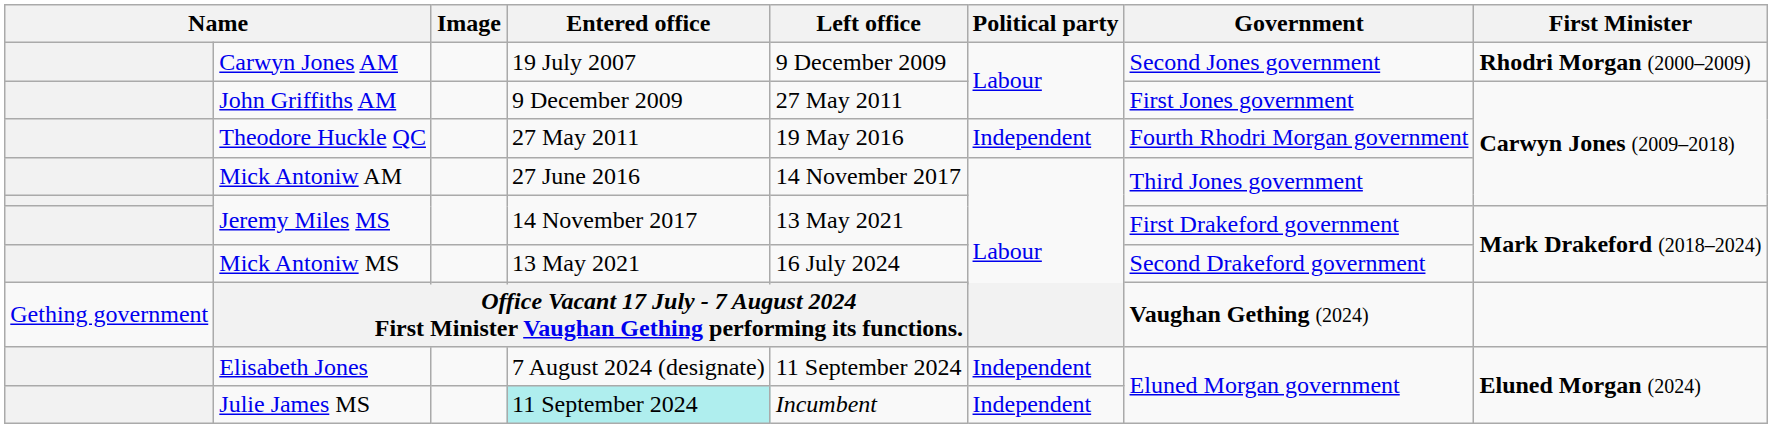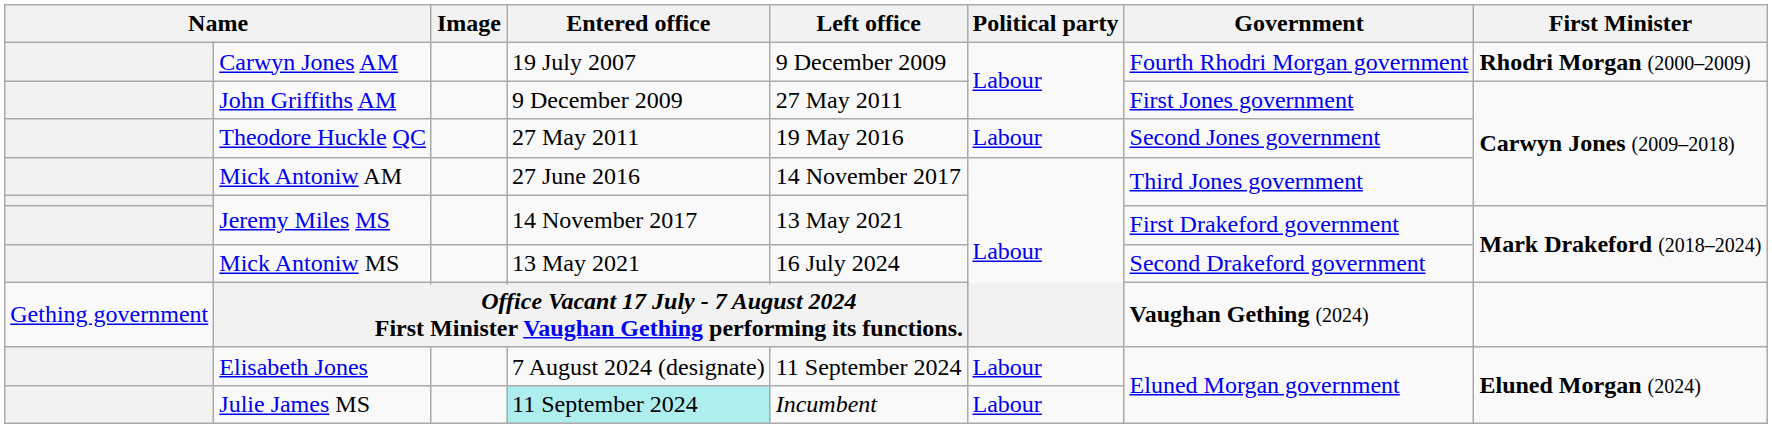 <table class="wikitable">
 <tr>
 <th colspan=2>Name</th>
 <th>Image</th>
 <th>Entered office</th>
 <th>Left office</th>
 <th>Political party</th>
 <th>Government</th>
 <th>First Minister</th>
 </tr>
 <tr>
 <th style="background-color:"></th>
 <td><a href='#'>Carwyn Jones</a> <a href='#'>AM</a></td>
 <td></td>
 <td>19 July 2007</td>
 <td>9 December 2009</td>
 <td rowspan = 2><a href='#'>Labour</a></td>
-<td><a href='#'>Second Jones government</a></td>
+<td><a href='#'>Fourth Rhodri Morgan government</a></td>
 <td><strong>Rhodri Morgan</strong> <small>(2000–2009)</small></td>
 </tr>
 <tr>
 <th style="background-color:"></th>
 <td><a href='#'>John Griffiths</a> <a href='#'>AM</a></td>
 <td></td>
 <td>9 December 2009</td>
 <td>27 May 2011</td>
 <td><a href='#'>First Jones government</a></td>
 <td rowspan="4"><strong>Carwyn Jones</strong> <small>(2009–2018)</small></td>
 </tr>
 <tr>
 <th style="background-color:"></th>
 <td><a href='#'>Theodore Huckle</a> <a href='#'>QC</a></td>
 <td></td>
 <td>27 May 2011</td>
 <td>19 May 2016</td>
-<td><a href='#'>Independent</a></td>
-<td><a href='#'>Fourth Rhodri Morgan government</a></td>
+<td><a href='#'>Labour</a></td>
+<td><a href='#'>Second Jones government</a></td>
 </tr>
 <tr>
 <th style="background-color:"></th>
 <td><a href='#'>Mick Antoniw</a> AM</td>
 <td></td>
 <td>27 June 2016</td>
 <td>14 November 2017</td>
 <td rowspan="6"><a href='#'>Labour</a></td>
 <td rowspan="2"><a href='#'>Third Jones government</a></td>
 </tr>
 <tr>
 <th style="background-color:"></th>
 <td rowspan="2"><a href='#'>Jeremy Miles</a> <a href='#'>MS</a></td>
 <td rowspan="2"></td>
 <td rowspan="2">14 November 2017</td>
 <td rowspan="2">13 May 2021</td>
 </tr>
 <tr>
 <th style="background-color:"></th>
 <td><a href='#'>First Drakeford government</a></td>
 <td rowspan="2"><strong>Mark Drakeford</strong> <small>(2018–2024)</small></td>
 </tr>
 <tr>
 <th style="background-color:"></th>
 <td rowspan="2"><a href='#'>Mick Antoniw</a> MS</td>
 <td rowspan="2"></td>
 <td rowspan="2">13 May 2021</td>
 <td rowspan="2">16 July 2024</td>
 <td><a href='#'>Second Drakeford government</a></td>
 </tr>
 <tr>
 <td rowspan="2"><a href='#'>Gething government</a></td>
 <td rowspan="2"><strong>Vaughan Gething</strong> <small>(2024)</small></td>
 </tr>
 <tr>
 <th colspan = 5><em>Office Vacant 17 July - 7 August 2024</em><br>First Minister <a href='#'>Vaughan Gething</a> performing its functions.</th>
 </tr>
 <tr>
 <th style="background-color:"></th>
 <td><a href='#'>Elisabeth Jones</a></td>
 <td></td>
 <td>7 August 2024 (designate)</td>
 <td>11 September 2024</td>
-<td><a href='#'>Independent</a></td>
+<td><a href='#'>Labour</a></td>
 <td rowspan="2"><a href='#'>Eluned Morgan government</a></td>
 <td rowspan="2"><strong>Eluned Morgan</strong> <small>(2024)</small></td>
 </tr>
 <tr>
 <th style="background-color:"></th>
 <td><a href='#'>Julie James</a> MS</td>
 <td></td>
 <td style="background: paleturquoise;">11 September 2024</td>
 <td><em>Incumbent</em></td>
-<td><a href='#'>Independent</a></td>
+<td><a href='#'>Labour</a></td>
 </tr>
 </table>
